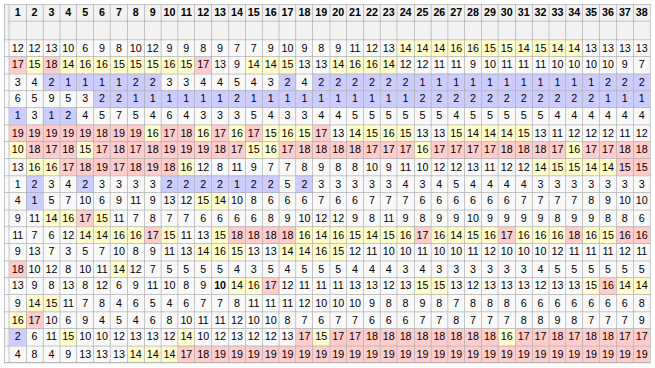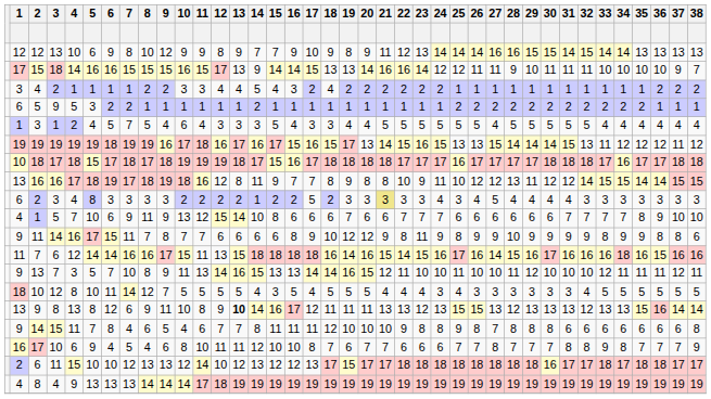 <table class="wikitable sortable zebra" style="text-align:center">
 <tr class="hintergrundfarbe5">
 <th rowspan="2" class="unsortable"></th>
 <th>1</th>
 <th>2</th>
 <th>3</th>
 <th>4</th>
 <th>5</th>
 <th>6</th>
 <th>7</th>
 <th>8</th>
 <th>9</th>
 <th>10</th>
 <th>11</th>
 <th>12</th>
 <th>13</th>
 <th>14</th>
 <th>15</th>
 <th>16</th>
 <th>17</th>
 <th>18</th>
 <th>19</th>
 <th>20</th>
 <th>21</th>
 <th>22</th>
 <th>23</th>
 <th>24</th>
 <th>25</th>
 <th>26</th>
 <th>27</th>
 <th>28</th>
 <th>29</th>
 <th>30</th>
 <th>31</th>
 <th>32</th>
 <th>33</th>
 <th>34</th>
 <th>35</th>
 <th>36</th>
 <th>37</th>
 <th>38</th>
 </tr>
 <tr class="hintergrundfarbe5">
 <th style="height:20px"></th>
 <th></th>
 <th></th>
 <th></th>
 <th></th>
 <th></th>
 <th></th>
 <th></th>
 <th></th>
 <th></th>
 <th></th>
 <th></th>
 <th></th>
 <th></th>
 <th></th>
 <th></th>
 <th></th>
 <th></th>
 <th></th>
 <th></th>
 <th></th>
 <th></th>
 <th></th>
 <th></th>
 <th></th>
 <th></th>
 <th></th>
 <th></th>
 <th></th>
 <th></th>
 <th></th>
 <th></th>
 <th></th>
 <th></th>
 <th></th>
 <th></th>
 <th></th>
 <th></th>
 </tr>
 <tr>
 <td class="hintergrundfarbe5"></td>
 <td>12</td>
 <td>12</td>
 <td>13</td>
 <td>10</td>
 <td>6</td>
 <td>9</td>
 <td>8</td>
 <td>10</td>
 <td>12</td>
 <td>9</td>
 <td>9</td>
 <td>8</td>
 <td>9</td>
 <td>7</td>
 <td>7</td>
 <td>9</td>
 <td>10</td>
 <td>9</td>
 <td>8</td>
 <td>9</td>
 <td>11</td>
 <td>12</td>
 <td>13</td>
 <td style="background-color: #fffccc;">14</td>
 <td style="background-color: #fffccc;">14</td>
 <td style="background-color: #fffccc;">14</td>
 <td style="background-color: #fffccc;">16</td>
 <td style="background-color: #fffccc;">16</td>
 <td style="background-color: #fffccc;">15</td>
 <td style="background-color: #fffccc;">15</td>
 <td style="background-color: #fffccc;">14</td>
 <td style="background-color: #fffccc;">15</td>
 <td style="background-color: #fffccc;">14</td>
 <td style="background-color: #fffccc;">14</td>
 <td>13</td>
 <td>13</td>
 <td>13</td>
 <td>13</td>
 </tr>
 <tr>
 <td class="hintergrundfarbe5"></td>
 <td style="background-color: #ffcccc;">17</td>
 <td style="background-color: #fffccc;">15</td>
 <td style="background-color: #ffcccc;">18</td>
 <td style="background-color: #fffccc;">14</td>
 <td style="background-color: #fffccc;">16</td>
 <td style="background-color: #fffccc;">16</td>
 <td style="background-color: #fffccc;">15</td>
 <td style="background-color: #fffccc;">15</td>
 <td style="background-color: #fffccc;">15</td>
 <td style="background-color: #fffccc;">16</td>
 <td style="background-color: #fffccc;">15</td>
 <td style="background-color: #ffcccc;">17</td>
 <td>13</td>
 <td>9</td>
 <td style="background-color: #fffccc;">14</td>
 <td style="background-color: #fffccc;">14</td>
 <td style="background-color: #fffccc;">15</td>
 <td>13</td>
 <td>13</td>
 <td style="background-color: #fffccc;">14</td>
 <td style="background-color: #fffccc;">16</td>
 <td style="background-color: #fffccc;">16</td>
 <td style="background-color: #fffccc;">14</td>
 <td>12</td>
 <td>12</td>
 <td>11</td>
 <td>11</td>
 <td>9</td>
 <td>10</td>
 <td>11</td>
 <td>11</td>
 <td>11</td>
 <td>10</td>
 <td>10</td>
 <td>10</td>
 <td>10</td>
 <td>9</td>
 <td>7</td>
 </tr>
 <tr>
 <td class="hintergrundfarbe5"></td>
 <td>3</td>
 <td>4</td>
 <td style="background-color: #ccccff;">2</td>
 <td style="background-color: #ccccff;">1</td>
 <td style="background-color: #ccccff;">1</td>
 <td style="background-color: #ccccff;">1</td>
 <td style="background-color: #ccccff;">1</td>
 <td style="background-color: #ccccff;">2</td>
 <td style="background-color: #ccccff;">2</td>
 <td>3</td>
 <td>3</td>
 <td>4</td>
 <td>4</td>
 <td>5</td>
 <td>4</td>
 <td>3</td>
 <td style="background-color: #ccccff;">2</td>
 <td>4</td>
 <td style="background-color: #ccccff;">2</td>
 <td style="background-color: #ccccff;">2</td>
 <td style="background-color: #ccccff;">2</td>
 <td style="background-color: #ccccff;">2</td>
 <td style="background-color: #ccccff;">2</td>
 <td style="background-color: #ccccff;">2</td>
 <td style="background-color: #ccccff;">1</td>
 <td style="background-color: #ccccff;">1</td>
 <td style="background-color: #ccccff;">1</td>
 <td style="background-color: #ccccff;">1</td>
 <td style="background-color: #ccccff;">1</td>
 <td style="background-color: #ccccff;">1</td>
 <td style="background-color: #ccccff;">1</td>
 <td style="background-color: #ccccff;">1</td>
 <td style="background-color: #ccccff;">1</td>
 <td style="background-color: #ccccff;">1</td>
 <td style="background-color: #ccccff;">1</td>
 <td style="background-color: #ccccff;">2</td>
 <td style="background-color: #ccccff;">2</td>
 <td style="background-color: #ccccff;">2</td>
 </tr>
 <tr>
 <td class="hintergrundfarbe5"></td>
 <td>6</td>
 <td>5</td>
 <td>9</td>
 <td>5</td>
 <td>3</td>
 <td style="background-color: #ccccff;">2</td>
 <td style="background-color: #ccccff;">2</td>
 <td style="background-color: #ccccff;">1</td>
 <td style="background-color: #ccccff;">1</td>
 <td style="background-color: #ccccff;">1</td>
 <td style="background-color: #ccccff;">1</td>
 <td style="background-color: #ccccff;">1</td>
 <td style="background-color: #ccccff;">1</td>
 <td style="background-color: #ccccff;">2</td>
 <td style="background-color: #ccccff;">1</td>
 <td style="background-color: #ccccff;">1</td>
 <td style="background-color: #ccccff;">1</td>
 <td style="background-color: #ccccff;">1</td>
 <td style="background-color: #ccccff;">1</td>
 <td style="background-color: #ccccff;">1</td>
 <td style="background-color: #ccccff;">1</td>
 <td style="background-color: #ccccff;">1</td>
 <td style="background-color: #ccccff;">1</td>
 <td style="background-color: #ccccff;">1</td>
 <td style="background-color: #ccccff;">2</td>
 <td style="background-color: #ccccff;">2</td>
 <td style="background-color: #ccccff;">2</td>
 <td style="background-color: #ccccff;">2</td>
 <td style="background-color: #ccccff;">2</td>
 <td style="background-color: #ccccff;">2</td>
 <td style="background-color: #ccccff;">2</td>
 <td style="background-color: #ccccff;">2</td>
 <td style="background-color: #ccccff;">2</td>
 <td style="background-color: #ccccff;">2</td>
 <td style="background-color: #ccccff;">2</td>
 <td style="background-color: #ccccff;">1</td>
 <td style="background-color: #ccccff;">1</td>
 <td style="background-color: #ccccff;">1</td>
 </tr>
 <tr>
 <td class="hintergrundfarbe5"></td>
 <td style="background-color: #ccccff;">1</td>
 <td>3</td>
 <td style="background-color: #ccccff;">1</td>
 <td style="background-color: #ccccff;">2</td>
 <td>4</td>
 <td>5</td>
 <td>7</td>
 <td>5</td>
 <td>4</td>
 <td>6</td>
 <td>4</td>
 <td>3</td>
 <td>3</td>
 <td>3</td>
 <td>5</td>
 <td>4</td>
 <td>3</td>
 <td>3</td>
 <td>4</td>
 <td>4</td>
 <td>5</td>
 <td>5</td>
 <td>5</td>
 <td>5</td>
 <td>5</td>
 <td>5</td>
 <td>4</td>
 <td>5</td>
 <td>5</td>
 <td>5</td>
 <td>5</td>
 <td>5</td>
 <td>4</td>
 <td>4</td>
 <td>4</td>
 <td>4</td>
 <td>4</td>
 <td>4</td>
 </tr>
 <tr>
 <td class="hintergrundfarbe5"></td>
 <td style="background-color: #ffcccc;">19</td>
 <td style="background-color: #ffcccc;">19</td>
 <td style="background-color: #ffcccc;">19</td>
 <td style="background-color: #ffcccc;">19</td>
 <td style="background-color: #ffcccc;">19</td>
 <td style="background-color: #ffcccc;">18</td>
 <td style="background-color: #ffcccc;">19</td>
 <td style="background-color: #ffcccc;">19</td>
 <td style="background-color: #fffccc;">16</td>
 <td style="background-color: #ffcccc;">17</td>
 <td style="background-color: #ffcccc;">18</td>
 <td style="background-color: #fffccc;">16</td>
 <td style="background-color: #ffcccc;">17</td>
 <td style="background-color: #fffccc;">16</td>
 <td style="background-color: #ffcccc;">17</td>
 <td style="background-color: #fffccc;">15</td>
 <td style="background-color: #fffccc;">16</td>
 <td style="background-color: #fffccc;">15</td>
 <td style="background-color: #ffcccc;">17</td>
 <td>13</td>
 <td style="background-color: #fffccc;">14</td>
 <td style="background-color: #fffccc;">15</td>
 <td style="background-color: #fffccc;">16</td>
 <td style="background-color: #fffccc;">15</td>
 <td>13</td>
 <td>13</td>
 <td style="background-color: #fffccc;">15</td>
 <td style="background-color: #fffccc;">14</td>
 <td style="background-color: #fffccc;">14</td>
 <td style="background-color: #fffccc;">14</td>
 <td style="background-color: #fffccc;">15</td>
 <td>13</td>
 <td>11</td>
 <td>12</td>
 <td>12</td>
 <td>12</td>
 <td>11</td>
 <td>12</td>
 </tr>
 <tr>
 <td class="hintergrundfarbe5"></td>
 <td style="background-color: #fffccc;">10</td>
 <td style="background-color: #ffcccc;">18</td>
 <td style="background-color: #ffcccc;">17</td>
 <td style="background-color: #ffcccc;">18</td>
 <td style="background-color: #fffccc;">15</td>
 <td style="background-color: #ffcccc;">17</td>
 <td style="background-color: #ffcccc;">18</td>
 <td style="background-color: #ffcccc;">17</td>
 <td style="background-color: #ffcccc;">18</td>
 <td style="background-color: #ffcccc;">19</td>
 <td style="background-color: #ffcccc;">19</td>
 <td style="background-color: #ffcccc;">19</td>
 <td style="background-color: #ffcccc;">18</td>
 <td style="background-color: #ffcccc;">17</td>
 <td style="background-color: #fffccc;">15</td>
 <td style="background-color: #fffccc;">16</td>
 <td style="background-color: #ffcccc;">17</td>
 <td style="background-color: #ffcccc;">18</td>
 <td style="background-color: #ffcccc;">18</td>
 <td style="background-color: #ffcccc;">18</td>
 <td style="background-color: #ffcccc;">18</td>
 <td style="background-color: #ffcccc;">17</td>
 <td style="background-color: #ffcccc;">17</td>
 <td style="background-color: #ffcccc;">17</td>
 <td style="background-color: #fffccc;">16</td>
 <td style="background-color: #ffcccc;">17</td>
 <td style="background-color: #ffcccc;">17</td>
 <td style="background-color: #ffcccc;">17</td>
 <td style="background-color: #ffcccc;">17</td>
 <td style="background-color: #ffcccc;">18</td>
 <td style="background-color: #ffcccc;">18</td>
 <td style="background-color: #ffcccc;">18</td>
 <td style="background-color: #ffcccc;">17</td>
 <td style="background-color: #fffccc;">16</td>
 <td style="background-color: #ffcccc;">17</td>
 <td style="background-color: #ffcccc;">17</td>
 <td style="background-color: #ffcccc;">18</td>
 <td style="background-color: #ffcccc;">18</td>
 </tr>
 <tr>
 <td class="hintergrundfarbe5"></td>
 <td>13</td>
 <td style="background-color: #fffccc;">16</td>
 <td style="background-color: #fffccc;">16</td>
 <td style="background-color: #ffcccc;">17</td>
 <td style="background-color: #ffcccc;">18</td>
 <td style="background-color: #ffcccc;">19</td>
 <td style="background-color: #ffcccc;">17</td>
 <td style="background-color: #ffcccc;">18</td>
 <td style="background-color: #ffcccc;">19</td>
 <td style="background-color: #ffcccc;">18</td>
 <td style="background-color: #fffccc;">16</td>
 <td>12</td>
 <td>8</td>
 <td>11</td>
 <td>9</td>
 <td>7</td>
 <td>7</td>
 <td>8</td>
 <td>9</td>
 <td>8</td>
 <td>8</td>
 <td>10</td>
 <td>9</td>
 <td>11</td>
 <td>10</td>
 <td>12</td>
 <td>12</td>
 <td>13</td>
 <td>11</td>
 <td>12</td>
 <td>12</td>
 <td style="background-color: #fffccc;">14</td>
 <td style="background-color: #fffccc;">15</td>
 <td style="background-color: #fffccc;">15</td>
 <td style="background-color: #fffccc;">14</td>
 <td style="background-color: #fffccc;">14</td>
 <td style="background-color: #ffcccc;">15</td>
 <td style="background-color: #ffcccc;">15</td>
 </tr>
 <tr>
 <td class="hintergrundfarbe5"></td>
-<td>1</td>
+<td>6</td>
 <td style="background-color: #ccccff;">2</td>
 <td>3</td>
 <td>4</td>
-<td style="background-color: #ccccff;">2</td>
+<td style="background-color: #ccccff;">8</td>
 <td>3</td>
 <td>3</td>
 <td>3</td>
 <td>3</td>
 <td style="background-color: #ccccff;">2</td>
 <td style="background-color: #ccccff;">2</td>
 <td style="background-color: #ccccff;">2</td>
 <td style="background-color: #ccccff;">2</td>
 <td style="background-color: #ccccff;">1</td>
 <td style="background-color: #ccccff;">2</td>
 <td style="background-color: #ccccff;">2</td>
 <td>5</td>
 <td style="background-color: #ccccff;">2</td>
 <td>3</td>
 <td>3</td>
-<td>3</td>
+<td style="background: khaki;">3</td>
 <td>3</td>
 <td>3</td>
 <td>4</td>
 <td>3</td>
 <td>4</td>
 <td>5</td>
 <td>4</td>
 <td>4</td>
 <td>4</td>
 <td>4</td>
 <td>3</td>
 <td>3</td>
 <td>3</td>
 <td>3</td>
 <td>3</td>
 <td>3</td>
 <td>3</td>
 </tr>
 <tr>
 <td class="hintergrundfarbe5"></td>
 <td>4</td>
 <td style="background-color: #ccccff;">1</td>
 <td>5</td>
 <td>7</td>
 <td>10</td>
 <td>6</td>
 <td>9</td>
 <td>11</td>
 <td>9</td>
 <td>13</td>
 <td>12</td>
 <td style="background-color: #fffccc;">15</td>
 <td style="background-color: #fffccc;">14</td>
 <td>10</td>
 <td>8</td>
 <td>6</td>
 <td>6</td>
 <td>6</td>
 <td>7</td>
 <td>6</td>
 <td>6</td>
 <td>7</td>
 <td>7</td>
 <td>7</td>
 <td>6</td>
 <td>6</td>
 <td>6</td>
 <td>6</td>
 <td>6</td>
 <td>6</td>
 <td>7</td>
 <td>7</td>
 <td>7</td>
 <td>7</td>
 <td>8</td>
 <td>9</td>
 <td>10</td>
 <td>10</td>
 </tr>
 <tr>
 <td class="hintergrundfarbe5"></td>
 <td>9</td>
 <td>11</td>
 <td style="background-color: #fffccc;">14</td>
 <td style="background-color: #fffccc;">16</td>
 <td style="background-color: #ffcccc;">17</td>
 <td style="background-color: #fffccc;">15</td>
 <td>11</td>
 <td>7</td>
 <td>8</td>
 <td>7</td>
 <td>7</td>
 <td>6</td>
 <td>6</td>
 <td>6</td>
 <td>6</td>
 <td>8</td>
 <td>9</td>
 <td>10</td>
 <td>12</td>
 <td>12</td>
 <td>9</td>
 <td>8</td>
 <td>11</td>
 <td>9</td>
 <td>8</td>
 <td>9</td>
 <td>9</td>
 <td>10</td>
 <td>9</td>
 <td>9</td>
 <td>9</td>
 <td>9</td>
 <td>8</td>
 <td>9</td>
 <td>9</td>
 <td>8</td>
 <td>8</td>
 <td>6</td>
 </tr>
 <tr>
 <td class="hintergrundfarbe5"></td>
 <td>11</td>
 <td>7</td>
 <td>6</td>
 <td>12</td>
 <td style="background-color: #fffccc;">14</td>
 <td style="background-color: #fffccc;">14</td>
 <td style="background-color: #fffccc;">16</td>
 <td style="background-color: #fffccc;">16</td>
 <td style="background-color: #ffcccc;">17</td>
 <td style="background-color: #fffccc;">15</td>
 <td>11</td>
 <td>13</td>
 <td style="background-color: #fffccc;">15</td>
 <td style="background-color: #ffcccc;">18</td>
 <td style="background-color: #ffcccc;">18</td>
 <td style="background-color: #ffcccc;">18</td>
 <td style="background-color: #ffcccc;">18</td>
 <td style="background-color: #fffccc;">16</td>
 <td style="background-color: #fffccc;">14</td>
 <td style="background-color: #fffccc;">16</td>
 <td style="background-color: #fffccc;">15</td>
 <td style="background-color: #fffccc;">14</td>
 <td style="background-color: #fffccc;">15</td>
 <td style="background-color: #fffccc;">16</td>
 <td style="background-color: #ffcccc;">17</td>
 <td style="background-color: #fffccc;">16</td>
 <td style="background-color: #fffccc;">14</td>
 <td style="background-color: #fffccc;">15</td>
 <td style="background-color: #fffccc;">16</td>
 <td style="background-color: #ffcccc;">17</td>
 <td style="background-color: #fffccc;">16</td>
 <td style="background-color: #fffccc;">16</td>
 <td style="background-color: #fffccc;">16</td>
 <td style="background-color: #ffcccc;">18</td>
 <td style="background-color: #fffccc;">16</td>
 <td style="background-color: #fffccc;">15</td>
 <td style="background-color: #ffcccc;">16</td>
 <td style="background-color: #ffcccc;">16</td>
 </tr>
 <tr>
 <td class="hintergrundfarbe5"></td>
 <td>9</td>
 <td>13</td>
 <td>7</td>
 <td>3</td>
 <td>5</td>
 <td>7</td>
 <td>10</td>
 <td>8</td>
 <td>9</td>
 <td>11</td>
 <td>13</td>
 <td style="background-color: #fffccc;">14</td>
 <td style="background-color: #fffccc;">16</td>
 <td style="background-color: #fffccc;">15</td>
 <td>13</td>
 <td>13</td>
 <td style="background-color: #fffccc;">14</td>
 <td style="background-color: #fffccc;">14</td>
 <td style="background-color: #fffccc;">16</td>
 <td style="background-color: #fffccc;">15</td>
 <td>12</td>
 <td>11</td>
 <td>10</td>
 <td>10</td>
 <td>11</td>
 <td>10</td>
 <td>10</td>
 <td>11</td>
 <td>12</td>
 <td>10</td>
 <td>10</td>
 <td>10</td>
 <td>12</td>
 <td>11</td>
 <td>11</td>
 <td>11</td>
 <td>12</td>
 <td>11</td>
 </tr>
 <tr>
 <td class="hintergrundfarbe5"></td>
 <td style="background-color: #ffcccc;">18</td>
 <td>10</td>
 <td>12</td>
 <td>8</td>
 <td>10</td>
 <td>11</td>
 <td style="background-color: #fffccc;">14</td>
 <td>12</td>
 <td>7</td>
 <td>5</td>
 <td>5</td>
 <td>5</td>
 <td>5</td>
 <td>4</td>
 <td>3</td>
 <td>5</td>
 <td>4</td>
 <td>5</td>
 <td>5</td>
 <td>5</td>
 <td>4</td>
 <td>4</td>
 <td>4</td>
 <td>3</td>
 <td>4</td>
 <td>3</td>
 <td>3</td>
 <td>3</td>
 <td>3</td>
 <td>3</td>
 <td>3</td>
 <td>4</td>
 <td>5</td>
 <td>5</td>
 <td>5</td>
 <td>5</td>
 <td>5</td>
 <td>5</td>
 </tr>
 <tr>
 <td class="hintergrundfarbe5"></td>
 <td>13</td>
 <td>9</td>
 <td>8</td>
 <td>13</td>
 <td>8</td>
 <td>12</td>
 <td>6</td>
 <td>9</td>
 <td>11</td>
 <td>10</td>
 <td>8</td>
 <td>9</td>
 <td><strong>10</strong></td>
 <td style="background-color: #fffccc;">14</td>
 <td style="background-color: #fffccc;">16</td>
 <td style="background-color: #ffcccc;">17</td>
 <td>12</td>
 <td>11</td>
 <td>11</td>
 <td>11</td>
 <td>13</td>
 <td>13</td>
 <td>12</td>
 <td>13</td>
 <td style="background-color: #fffccc;">15</td>
 <td style="background-color: #fffccc;">15</td>
 <td>13</td>
 <td>12</td>
 <td>13</td>
 <td>13</td>
 <td>13</td>
 <td>12</td>
 <td>13</td>
 <td>13</td>
 <td style="background-color: #fffccc;">15</td>
 <td style="background-color: #ffcccc;">16</td>
 <td style="background-color: #fffccc;">14</td>
 <td style="background-color: #fffccc;">14</td>
 </tr>
 <tr>
 <td class="hintergrundfarbe5"></td>
 <td>9</td>
 <td style="background-color: #fffccc;">14</td>
 <td style="background-color: #fffccc;">15</td>
 <td>11</td>
 <td>7</td>
 <td>8</td>
 <td>4</td>
 <td>6</td>
 <td>5</td>
 <td>4</td>
 <td>6</td>
 <td>7</td>
 <td>7</td>
 <td>8</td>
 <td>11</td>
 <td>11</td>
 <td>11</td>
 <td>12</td>
 <td>10</td>
 <td>10</td>
 <td>10</td>
 <td>9</td>
 <td>8</td>
 <td>8</td>
 <td>9</td>
 <td>8</td>
 <td>7</td>
 <td>8</td>
 <td>8</td>
 <td>8</td>
 <td>6</td>
 <td>6</td>
 <td>6</td>
 <td>6</td>
 <td>6</td>
 <td>6</td>
 <td>6</td>
 <td>8</td>
 </tr>
 <tr>
 <td class="hintergrundfarbe5"></td>
 <td style="background-color: #fffccc;">16</td>
 <td style="background-color: #ffcccc;">17</td>
 <td>10</td>
 <td>6</td>
 <td>9</td>
 <td>4</td>
 <td>5</td>
 <td>4</td>
 <td>6</td>
 <td>8</td>
 <td>10</td>
 <td>11</td>
 <td>11</td>
 <td>12</td>
 <td>10</td>
 <td>10</td>
 <td>8</td>
 <td>7</td>
 <td>6</td>
 <td>7</td>
 <td>7</td>
 <td>6</td>
 <td>6</td>
 <td>6</td>
 <td>7</td>
 <td>7</td>
 <td>8</td>
 <td>7</td>
 <td>7</td>
 <td>7</td>
 <td>8</td>
 <td>8</td>
 <td>9</td>
 <td>8</td>
 <td>7</td>
 <td>7</td>
 <td>7</td>
 <td>9</td>
 </tr>
 <tr>
 <th class="hintergrundfarbe5"></th>
 <td style="background-color: #ccccff;">2</td>
 <td>6</td>
 <td>11</td>
 <td style="background-color: #fffccc;">15</td>
 <td>10</td>
 <td>10</td>
 <td>12</td>
 <td>13</td>
 <td>13</td>
 <td>12</td>
 <td style="background-color: #fffccc;">14</td>
 <td>10</td>
 <td>12</td>
 <td>13</td>
 <td>12</td>
 <td>12</td>
 <td>13</td>
 <td style="background-color: #ffcccc;">17</td>
 <td style="background-color: #fffccc;">15</td>
 <td style="background-color: #ffcccc;">17</td>
 <td style="background-color: #ffcccc;">17</td>
 <td style="background-color: #ffcccc;">18</td>
 <td style="background-color: #ffcccc;">18</td>
 <td style="background-color: #ffcccc;">18</td>
 <td style="background-color: #ffcccc;">18</td>
 <td style="background-color: #ffcccc;">18</td>
 <td style="background-color: #ffcccc;">18</td>
 <td style="background-color: #ffcccc;">18</td>
 <td style="background-color: #ffcccc;">18</td>
 <td style="background-color: #fffccc;">16</td>
 <td style="background-color: #ffcccc;">17</td>
 <td style="background-color: #ffcccc;">17</td>
 <td style="background-color: #ffcccc;">18</td>
 <td style="background-color: #ffcccc;">17</td>
 <td style="background-color: #ffcccc;">18</td>
 <td style="background-color: #ffcccc;">18</td>
 <td style="background-color: #ffcccc;">17</td>
 <td style="background-color: #ffcccc;">17</td>
 </tr>
 <tr>
 <td class="hintergrundfarbe5"></td>
 <td>4</td>
 <td>8</td>
 <td>4</td>
 <td>9</td>
 <td>13</td>
 <td>13</td>
 <td>13</td>
 <td style="background-color: #fffccc;">14</td>
 <td style="background-color: #fffccc;">14</td>
 <td style="background-color: #fffccc;">14</td>
 <td style="background-color: #ffcccc;">17</td>
 <td style="background-color: #ffcccc;">18</td>
 <td style="background-color: #ffcccc;">19</td>
 <td style="background-color: #ffcccc;">19</td>
 <td style="background-color: #ffcccc;">19</td>
 <td style="background-color: #ffcccc;">19</td>
 <td style="background-color: #ffcccc;">19</td>
 <td style="background-color: #ffcccc;">19</td>
 <td style="background-color: #ffcccc;">19</td>
 <td style="background-color: #ffcccc;">19</td>
 <td style="background-color: #ffcccc;">19</td>
 <td style="background-color: #ffcccc;">19</td>
 <td style="background-color: #ffcccc;">19</td>
 <td style="background-color: #ffcccc;">19</td>
 <td style="background-color: #ffcccc;">19</td>
 <td style="background-color: #ffcccc;">19</td>
 <td style="background-color: #ffcccc;">19</td>
 <td style="background-color: #ffcccc;">19</td>
 <td style="background-color: #ffcccc;">19</td>
 <td style="background-color: #ffcccc;">19</td>
 <td style="background-color: #ffcccc;">19</td>
 <td style="background-color: #ffcccc;">19</td>
 <td style="background-color: #ffcccc;">19</td>
 <td style="background-color: #ffcccc;">19</td>
 <td style="background-color: #ffcccc;">19</td>
 <td style="background-color: #ffcccc;">19</td>
 <td style="background-color: #ffcccc;">19</td>
 <td style="background-color: #ffcccc;">19</td>
 </tr>
 <tr>
 </tr>
 </table>
